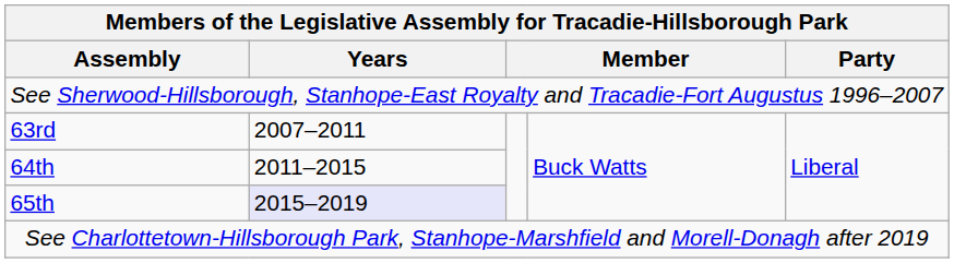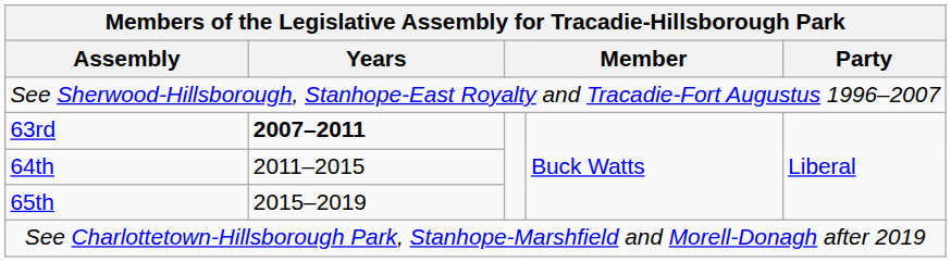 <table class="wikitable" align=centre>
 <tr>
 <th colspan=5>Members of the Legislative Assembly for Tracadie-Hillsborough Park</th>
 </tr>
 <tr>
 <th>Assembly</th>
 <th>Years</th>
 <th colspan="2">Member</th>
 <th>Party</th>
 </tr>
 <tr>
 <td align="center" colspan=5><em>See <a href='#'>Sherwood-Hillsborough</a>, <a href='#'>Stanhope-East Royalty</a> and <a href='#'>Tracadie-Fort Augustus</a>  1996–2007</em></td>
 </tr>
 <tr>
 <td><a href='#'>63rd</a></td>
-<td>2007–2011</td>
+<td><strong>2007–2011</strong></td>
 <td rowspan=3 ></td>
 <td rowspan=3><a href='#'>Buck Watts</a></td>
 <td rowspan=3><a href='#'>Liberal</a></td>
 </tr>
 <tr>
 <td><a href='#'>64th</a></td>
 <td>2011–2015</td>
 </tr>
 <tr>
 <td><a href='#'>65th</a></td>
-<td style="background: lavender;">2015–2019</td>
+<td>2015–2019</td>
 </tr>
 <tr>
 <td align="center" colspan=5><em>See <a href='#'>Charlottetown-Hillsborough Park</a>, <a href='#'>Stanhope-Marshfield</a> and <a href='#'>Morell-Donagh</a> after 2019</em></td>
 </tr>
 </table>
